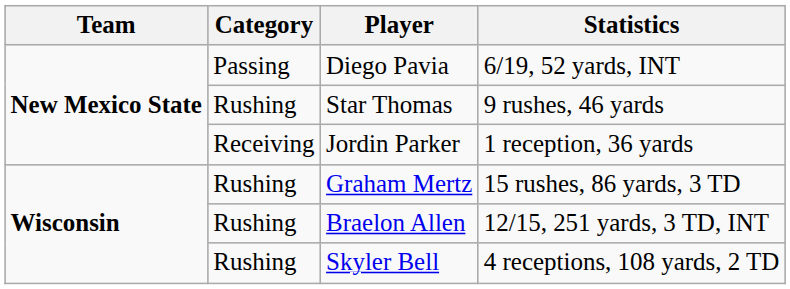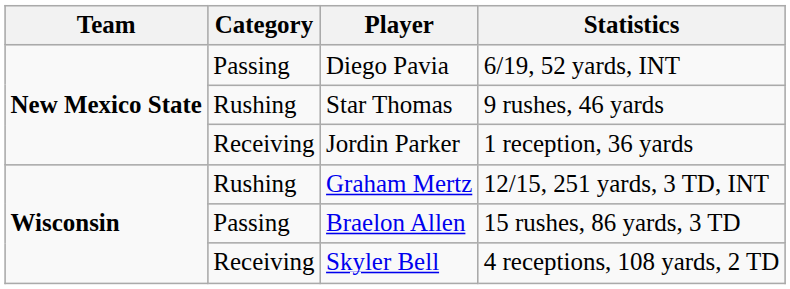 <table class="wikitable" style="float: right;">
 <tr>
 <th>Team</th>
 <th>Category</th>
 <th>Player</th>
 <th>Statistics</th>
 </tr>
 <tr>
 <td rowspan=3><strong>New Mexico State</strong></td>
 <td>Passing</td>
 <td>Diego Pavia</td>
 <td>6/19, 52 yards, INT</td>
 </tr>
 <tr>
 <td>Rushing</td>
 <td>Star Thomas</td>
 <td>9 rushes, 46 yards</td>
 </tr>
 <tr>
 <td>Receiving</td>
 <td>Jordin Parker</td>
 <td>1 reception, 36 yards</td>
 </tr>
 <tr>
 <td rowspan=3><strong>Wisconsin</strong></td>
 <td>Rushing</td>
 <td><a href='#'>Graham Mertz</a></td>
+<td>12/15, 251 yards, 3 TD, INT</td>
+</tr>
+<tr>
+<td>Passing</td>
+<td><a href='#'>Braelon Allen</a></td>
 <td>15 rushes, 86 yards, 3 TD</td>
 </tr>
 <tr>
-<td>Rushing</td>
-<td><a href='#'>Braelon Allen</a></td>
-<td>12/15, 251 yards, 3 TD, INT</td>
-</tr>
-<tr>
-<td>Rushing</td>
+<td>Receiving</td>
 <td><a href='#'>Skyler Bell</a></td>
 <td>4 receptions, 108 yards, 2 TD</td>
 </tr>
 </table>
